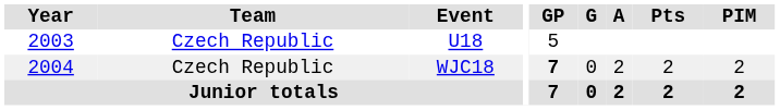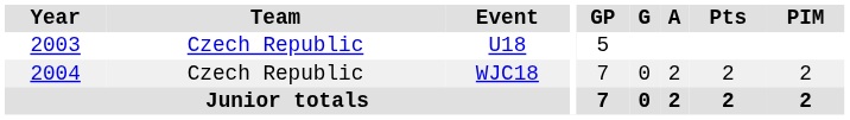 <table border="0" cellpadding="1" cellspacing="0" ID="Table3" style="text-align:center; width:40em">
 <tr ALIGN="center" bgcolor="#e0e0e0">
 <th>Year</th>
 <th>Team</th>
 <th>Event</th>
 <th rowspan="99" bgcolor="#ffffff"></th>
 <th>GP</th>
 <th>G</th>
 <th>A</th>
 <th>Pts</th>
 <th>PIM</th>
 </tr>
 <tr>
 <td><a href='#'>2003</a></td>
 <td><a href='#'>Czech Republic</a></td>
 <td><a href='#'>U18</a></td>
 <td>5</td>
 <td></td>
 <td></td>
 <td></td>
 <td></td>
 </tr>
 <tr bgcolor="#f0f0f0">
 <td><a href='#'>2004</a></td>
 <td>Czech Republic</td>
 <td><a href='#'>WJC18</a></td>
-<td><strong>7</strong></td>
+<td>7</td>
 <td>0</td>
 <td>2</td>
 <td>2</td>
 <td>2</td>
 </tr>
 <tr bgcolor="#e0e0e0">
 <th colspan="3">Junior totals</th>
 <th>7</th>
 <th>0</th>
 <th>2</th>
 <th>2</th>
 <th>2</th>
 </tr>
 </table>
